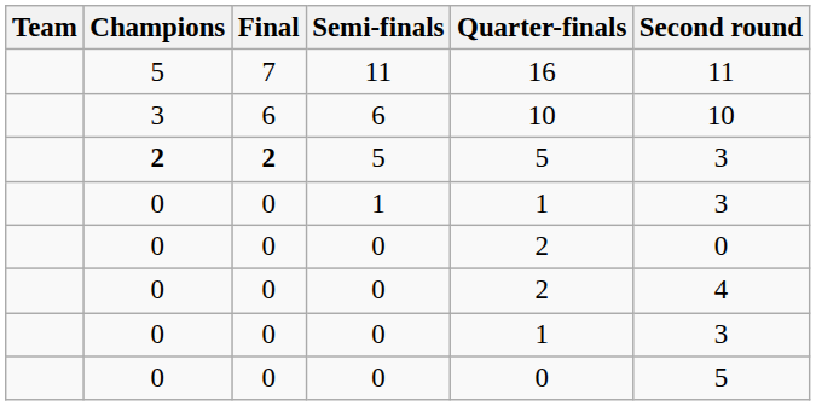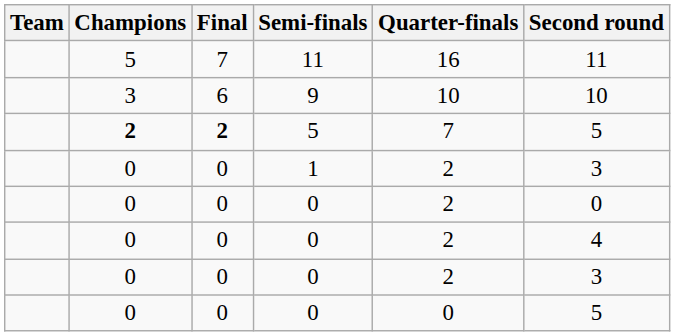 <table class="wikitable sortable" style="text-align:center">
 <tr>
 <th>Team</th>
 <th>Champions</th>
 <th>Final</th>
 <th>Semi-finals</th>
 <th>Quarter-finals</th>
 <th>Second round</th>
 </tr>
 <tr>
 <td align=left></td>
 <td>5</td>
 <td>7</td>
 <td>11</td>
 <td>16</td>
 <td>11</td>
 </tr>
 <tr>
 <td align=left></td>
 <td>3</td>
 <td>6</td>
-<td>6</td>
+<td>9</td>
 <td>10</td>
 <td>10</td>
 </tr>
 <tr>
 <td align=left></td>
 <td><strong>2</strong></td>
 <td><strong>2</strong></td>
 <td>5</td>
+<td>7</td>
 <td>5</td>
-<td>3</td>
 </tr>
 <tr>
 <td align=left></td>
 <td>0</td>
 <td>0</td>
 <td>1</td>
-<td>1</td>
+<td>2</td>
 <td>3</td>
 </tr>
 <tr>
 <td align=left></td>
 <td>0</td>
 <td>0</td>
 <td>0</td>
 <td>2</td>
 <td>0</td>
 </tr>
 <tr>
 <td align=left></td>
 <td>0</td>
 <td>0</td>
 <td>0</td>
 <td>2</td>
 <td>4</td>
 </tr>
 <tr>
 <td align=left></td>
 <td>0</td>
 <td>0</td>
 <td>0</td>
-<td>1</td>
+<td>2</td>
 <td>3</td>
 </tr>
 <tr>
 <td align=left></td>
 <td>0</td>
 <td>0</td>
 <td>0</td>
 <td>0</td>
 <td>5</td>
 </tr>
 </table>
